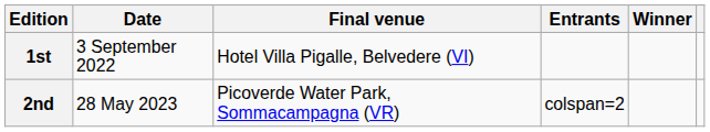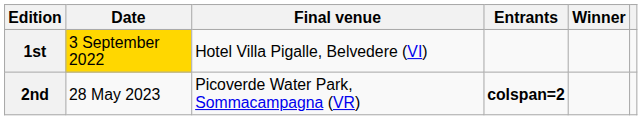 <table class="wikitable defaultcenter col2left col3left col5left" style="font-size:95%;">
 <tr>
 <th>Edition</th>
 <th>Date</th>
 <th>Final venue</th>
 <th>Entrants</th>
 <th>Winner</th>
 <th></th>
 </tr>
 <tr>
 <th>1st</th>
-<td>3 September 2022</td>
+<td style="background: gold;">3 September 2022</td>
 <td>Hotel Villa Pigalle, Belvedere (<a href='#'>VI</a>)</td>
 <td></td>
 <td></td>
 <td></td>
 </tr>
 <tr>
 <th>2nd</th>
 <td>28 May 2023</td>
 <td>Picoverde Water Park, <a href='#'>Sommacampagna</a> (<a href='#'>VR</a>)</td>
-<td>colspan=2 </td>
+<td><strong>colspan=2 </strong></td>
 <td></td>
 </tr>
 </table>
